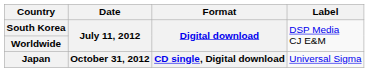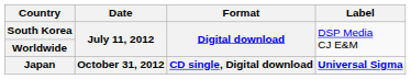 <table class="wikitable plainrowheaders">
 <tr>
 <th scope="col">Country</th>
 <th>Date</th>
 <th>Format</th>
 <th>Label</th>
 </tr>
 <tr>
 <th scope="row" rowspan="1">South Korea</th>
 <th scope="row" rowspan="2">July 11, 2012</th>
 <th scope="row" rowspan="2"><a href='#'>Digital download</a></th>
 <td rowspan="2"><a href='#'>DSP Media</a><br>CJ E&M</td>
 </tr>
 <tr>
 <th scope="row" rowspan="1">Worldwide</th>
 </tr>
 <tr>
 <th scope="row" rowspan="1">Japan</th>
 <th scope="row" rowspan="1">October 31, 2012</th>
 <th scope="row" rowspan="1"><a href='#'>CD single</a>, Digital download</th>
-<td rowspan="1"><a href='#'>Universal Sigma</a></td>
+<td rowspan="1"><strong><a href='#'>Universal Sigma</a></strong></td>
 </tr>
 </table>
